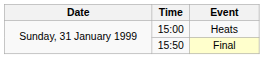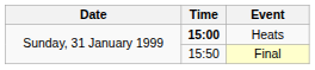 <table class = "wikitable" style="text-align:center;">
 <tr>
 <th width=220>Date</th>
 <th width=50>Time</th>
 <th width=100>Event</th>
 </tr>
 <tr>
 <td rowspan=2>Sunday, 31 January 1999</td>
-<td>15:00</td>
+<td><strong>15:00</strong></td>
 <td>Heats</td>
 </tr>
 <tr>
 <td>15:50</td>
 <td bgcolor=ffffcc>Final</td>
 </tr>
 </table>
